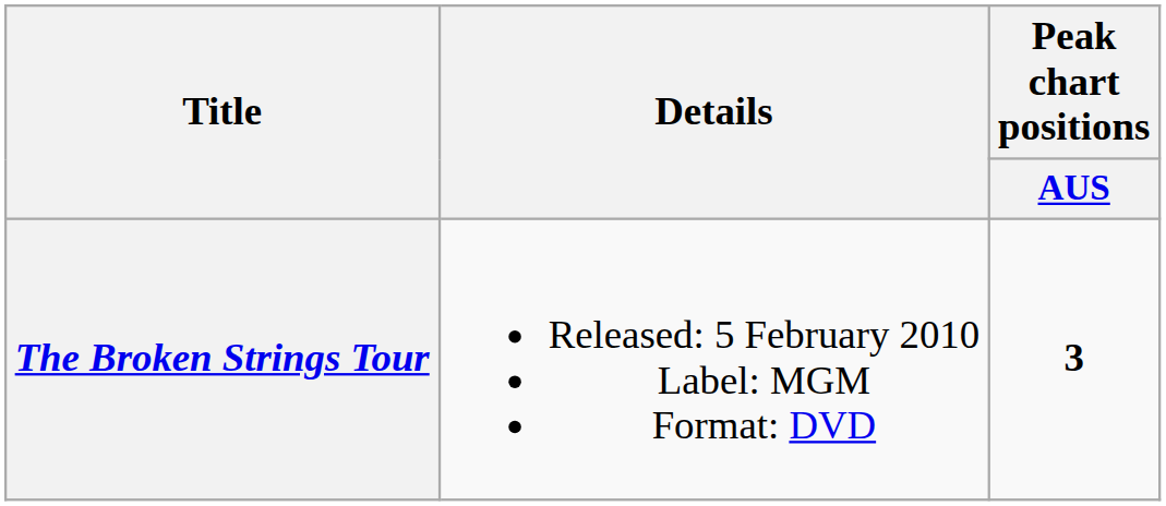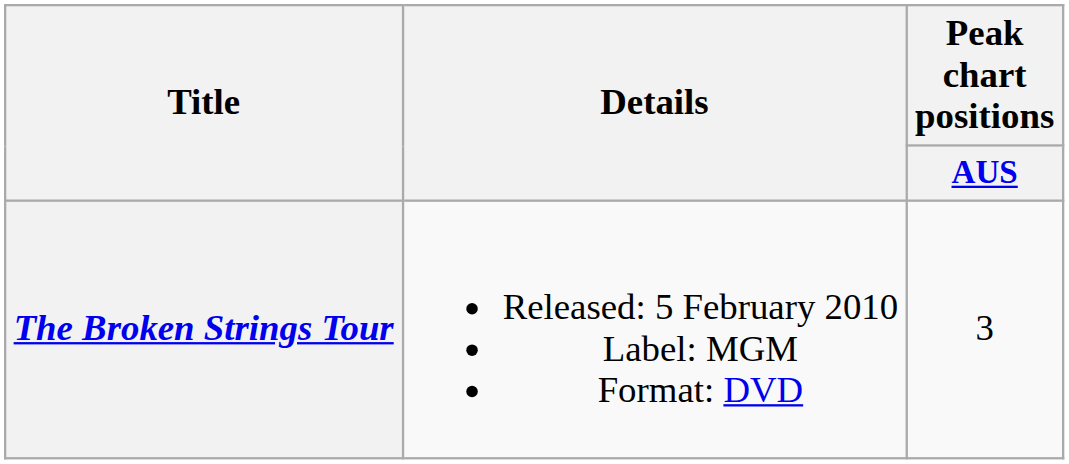 <table class="wikitable plainrowheaders" style="text-align:center;">
 <tr>
 <th scope="col" rowspan="2">Title</th>
 <th scope="col" rowspan="2">Details</th>
 <th scope="col">Peak chart<br>positions</th>
 </tr>
 <tr>
 <th scope="col" style="width:3em; font-size:90%;"><a href='#'>AUS</a><br></th>
 </tr>
 <tr>
 <th scope="row"><em><a href='#'>The Broken Strings Tour</a></em></th>
 <td><br><ul><li>Released: 5 February 2010</li><li>Label: MGM</li><li>Format: <a href='#'>DVD</a></li></ul></td>
-<td><strong>3</strong></td>
+<td>3</td>
 </tr>
 </table>
